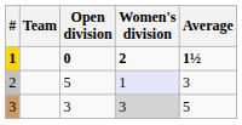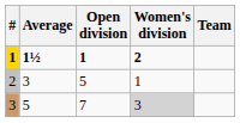 <table class="wikitable" style="font-size: 95%;">
 <tr>
 <th>#</th>
-<th>Team</th>
+<th>Average</th>
 <th>Open<br>division</th>
 <th>Women's<br>division</th>
-<th>Average</th>
+<th>Team</th>
 </tr>
 <tr>
 <td style="background:gold;"><strong>1</strong></td>
+<td><strong>1½</strong></td>
+<td><strong>1</strong></td>
+<td><strong>2</strong></td>
 <td><strong></strong></td>
-<td><strong>0</strong></td>
-<td><strong>2</strong></td>
-<td><strong>1½</strong></td>
 </tr>
 <tr>
 <td style="background:silver;">2</td>
+<td>3</td>
+<td>5</td>
+<td>1</td>
 <td></td>
-<td>5</td>
-<td style="background: lavender;">1</td>
-<td>3</td>
 </tr>
 <tr>
 <td style="background:#cc9966;">3</td>
+<td>5</td>
+<td>7</td>
+<td style="background: lightgrey;">3</td>
 <td></td>
-<td>3</td>
-<td style="background: lightgrey;">3</td>
-<td>5</td>
 </tr>
 </table>
